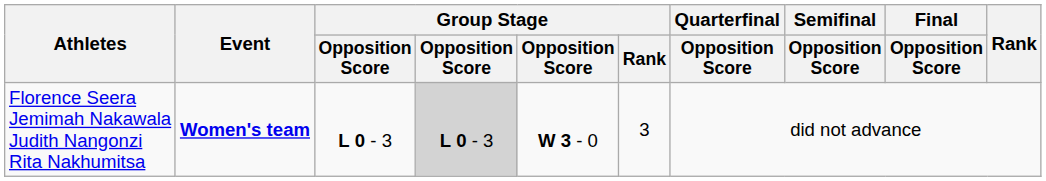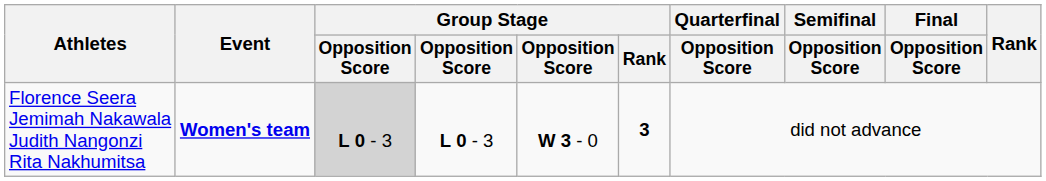 <table class="wikitable" style="font-size:88%">
 <tr>
 <th rowspan=2>Athletes</th>
 <th rowspan=2>Event</th>
 <th colspan=4>Group Stage</th>
 <th>Quarterfinal</th>
 <th>Semifinal</th>
 <th>Final</th>
 <th rowspan=2>Rank</th>
 </tr>
 <tr style="font-size:95%">
 <th>Opposition<br>Score</th>
 <th>Opposition<br>Score</th>
 <th>Opposition<br>Score</th>
 <th>Rank</th>
 <th>Opposition<br>Score</th>
 <th>Opposition<br>Score</th>
 <th>Opposition<br>Score</th>
 </tr>
 <tr align=center>
 <td align=left><a href='#'>Florence Seera</a><br><a href='#'>Jemimah Nakawala</a><br><a href='#'>Judith Nangonzi</a><br><a href='#'>Rita Nakhumitsa</a></td>
 <td align=left><strong><a href='#'>Women's team</a></strong></td>
+<td style="background: lightgrey;"><br><strong>L</strong> <strong>0</strong> - 3</td>
 <td><br><strong>L</strong> <strong>0</strong> - 3</td>
-<td style="background: lightgrey;"><br><strong>L</strong> <strong>0</strong> - 3</td>
 <td><br><strong>W</strong> <strong>3</strong> - 0</td>
-<td>3</td>
+<td><strong>3</strong></td>
 <td colspan=4>did not advance</td>
 </tr>
 </table>
